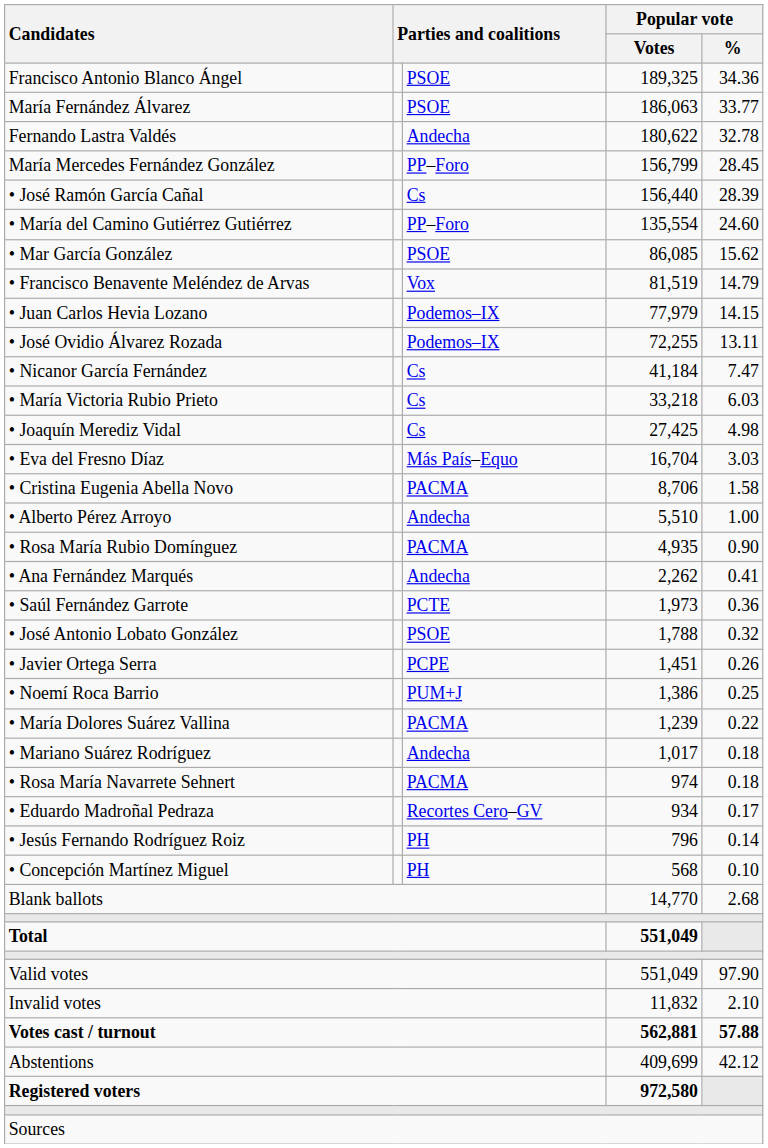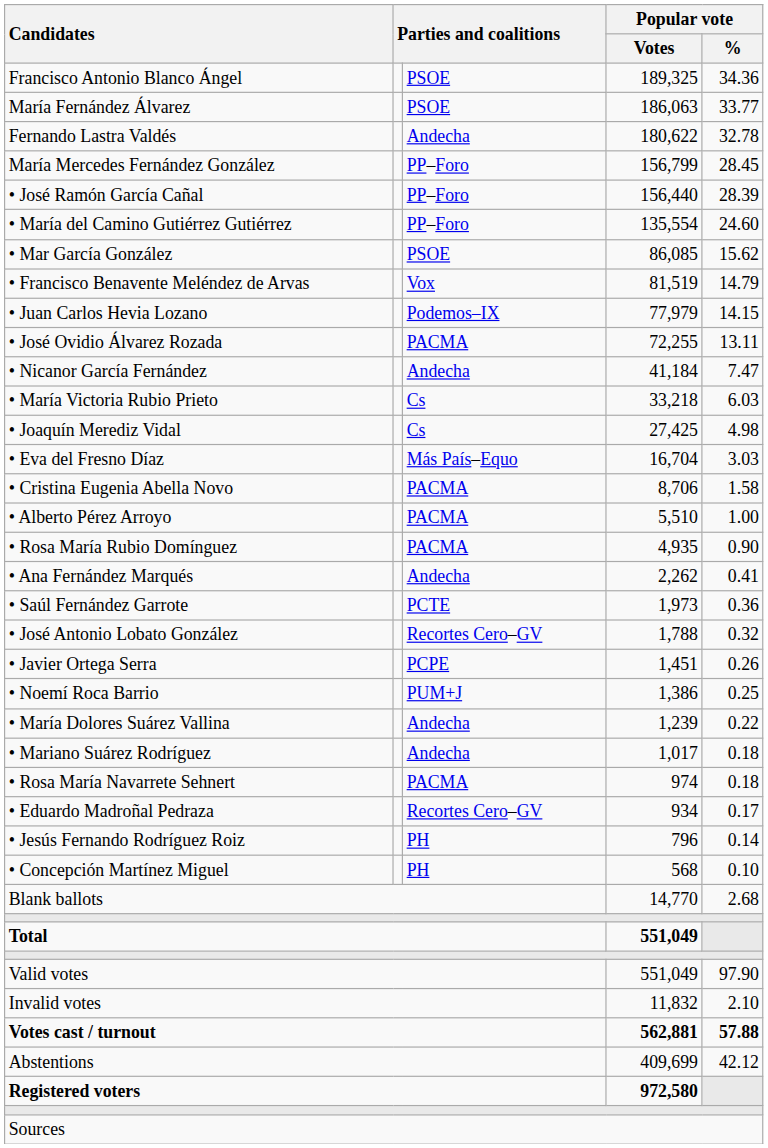 <table class="wikitable" style="text-align:right; font-size:95%;">
 <tr>
 <th style="text-align:left;" rowspan="2" width="325">Candidates</th>
 <th style="text-align:left;" rowspan="2" colspan="2" width="175">Parties and coalitions</th>
 <th colspan="2">Popular vote</th>
 </tr>
 <tr>
 <th width="75">Votes</th>
 <th width="45">%</th>
 </tr>
 <tr>
 <td align="left"> Francisco Antonio Blanco Ángel</td>
 <td width="1" style="color:inherit;background:"></td>
 <td align="left"><a href='#'>PSOE</a></td>
 <td>189,325</td>
 <td>34.36</td>
 </tr>
 <tr>
 <td align="left"> María Fernández Álvarez</td>
 <td style="color:inherit;background:"></td>
 <td align="left"><a href='#'>PSOE</a></td>
 <td>186,063</td>
 <td>33.77</td>
 </tr>
 <tr>
 <td align="left"> Fernando Lastra Valdés</td>
 <td style="color:inherit;background:"></td>
 <td align="left"><a href='#'>Andecha</a></td>
 <td>180,622</td>
 <td>32.78</td>
 </tr>
 <tr>
 <td align="left"> María Mercedes Fernández González</td>
 <td style="color:inherit;background:"></td>
 <td align="left"><a href='#'>PP</a>–<a href='#'>Foro</a></td>
 <td>156,799</td>
 <td>28.45</td>
 </tr>
 <tr>
 <td align="left">• José Ramón García Cañal</td>
 <td style="color:inherit;background:"></td>
-<td align="left"><a href='#'>Cs</a></td>
+<td align="left"><a href='#'>PP</a>–<a href='#'>Foro</a></td>
 <td>156,440</td>
 <td>28.39</td>
 </tr>
 <tr>
 <td align="left">• María del Camino Gutiérrez Gutiérrez</td>
 <td style="color:inherit;background:"></td>
 <td align="left"><a href='#'>PP</a>–<a href='#'>Foro</a></td>
 <td>135,554</td>
 <td>24.60</td>
 </tr>
 <tr>
 <td align="left">• Mar García González</td>
 <td style="color:inherit;background:"></td>
 <td align="left"><a href='#'>PSOE</a></td>
 <td>86,085</td>
 <td>15.62</td>
 </tr>
 <tr>
 <td align="left">• Francisco Benavente Meléndez de Arvas</td>
 <td style="color:inherit;background:"></td>
 <td align="left"><a href='#'>Vox</a></td>
 <td>81,519</td>
 <td>14.79</td>
 </tr>
 <tr>
 <td align="left">• Juan Carlos Hevia Lozano</td>
 <td style="color:inherit;background:"></td>
 <td align="left"><a href='#'>Podemos–IX</a></td>
 <td>77,979</td>
 <td>14.15</td>
 </tr>
 <tr>
 <td align="left">• José Ovidio Álvarez Rozada</td>
 <td style="color:inherit;background:"></td>
-<td align="left"><a href='#'>Podemos–IX</a></td>
+<td align="left"><a href='#'>PACMA</a></td>
 <td>72,255</td>
 <td>13.11</td>
 </tr>
 <tr>
 <td align="left">• Nicanor García Fernández</td>
 <td style="color:inherit;background:"></td>
-<td align="left"><a href='#'>Cs</a></td>
+<td align="left"><a href='#'>Andecha</a></td>
 <td>41,184</td>
 <td>7.47</td>
 </tr>
 <tr>
 <td align="left">• María Victoria Rubio Prieto</td>
 <td style="color:inherit;background:"></td>
 <td align="left"><a href='#'>Cs</a></td>
 <td>33,218</td>
 <td>6.03</td>
 </tr>
 <tr>
 <td align="left">• Joaquín Merediz Vidal</td>
 <td style="color:inherit;background:"></td>
 <td align="left"><a href='#'>Cs</a></td>
 <td>27,425</td>
 <td>4.98</td>
 </tr>
 <tr>
 <td align="left">• Eva del Fresno Díaz</td>
 <td style="color:inherit;background:"></td>
 <td align="left"><a href='#'>Más País</a>–<a href='#'>Equo</a></td>
 <td>16,704</td>
 <td>3.03</td>
 </tr>
 <tr>
 <td align="left">• Cristina Eugenia Abella Novo</td>
 <td style="color:inherit;background:"></td>
 <td align="left"><a href='#'>PACMA</a></td>
 <td>8,706</td>
 <td>1.58</td>
 </tr>
 <tr>
 <td align="left">• Alberto Pérez Arroyo</td>
 <td style="color:inherit;background:"></td>
-<td align="left"><a href='#'>Andecha</a></td>
+<td align="left"><a href='#'>PACMA</a></td>
 <td>5,510</td>
 <td>1.00</td>
 </tr>
 <tr>
 <td align="left">• Rosa María Rubio Domínguez</td>
 <td style="color:inherit;background:"></td>
 <td align="left"><a href='#'>PACMA</a></td>
 <td>4,935</td>
 <td>0.90</td>
 </tr>
 <tr>
 <td align="left">• Ana Fernández Marqués</td>
 <td style="color:inherit;background:"></td>
 <td align="left"><a href='#'>Andecha</a></td>
 <td>2,262</td>
 <td>0.41</td>
 </tr>
 <tr>
 <td align="left">• Saúl Fernández Garrote</td>
 <td style="color:inherit;background:"></td>
 <td align="left"><a href='#'>PCTE</a></td>
 <td>1,973</td>
 <td>0.36</td>
 </tr>
 <tr>
 <td align="left">• José Antonio Lobato González</td>
 <td style="color:inherit;background:"></td>
-<td align="left"><a href='#'>PSOE</a></td>
+<td align="left"><a href='#'>Recortes Cero</a>–<a href='#'>GV</a></td>
 <td>1,788</td>
 <td>0.32</td>
 </tr>
 <tr>
 <td align="left">• Javier Ortega Serra</td>
 <td style="color:inherit;background:"></td>
 <td align="left"><a href='#'>PCPE</a></td>
 <td>1,451</td>
 <td>0.26</td>
 </tr>
 <tr>
 <td align="left">• Noemí Roca Barrio</td>
 <td style="color:inherit;background:"></td>
 <td align="left"><a href='#'>PUM+J</a></td>
 <td>1,386</td>
 <td>0.25</td>
 </tr>
 <tr>
 <td align="left">• María Dolores Suárez Vallina</td>
 <td style="color:inherit;background:"></td>
-<td align="left"><a href='#'>PACMA</a></td>
+<td align="left"><a href='#'>Andecha</a></td>
 <td>1,239</td>
 <td>0.22</td>
 </tr>
 <tr>
 <td align="left">• Mariano Suárez Rodríguez</td>
 <td style="color:inherit;background:"></td>
 <td align="left"><a href='#'>Andecha</a></td>
 <td>1,017</td>
 <td>0.18</td>
 </tr>
 <tr>
 <td align="left">• Rosa María Navarrete Sehnert</td>
 <td style="color:inherit;background:"></td>
 <td align="left"><a href='#'>PACMA</a></td>
 <td>974</td>
 <td>0.18</td>
 </tr>
 <tr>
 <td align="left">• Eduardo Madroñal Pedraza</td>
 <td style="color:inherit;background:"></td>
 <td align="left"><a href='#'>Recortes Cero</a>–<a href='#'>GV</a></td>
 <td>934</td>
 <td>0.17</td>
 </tr>
 <tr>
 <td align="left">• Jesús Fernando Rodríguez Roiz</td>
 <td style="color:inherit;background:"></td>
 <td align="left"><a href='#'>PH</a></td>
 <td>796</td>
 <td>0.14</td>
 </tr>
 <tr>
 <td align="left">• Concepción Martínez Miguel</td>
 <td style="color:inherit;background:"></td>
 <td align="left"><a href='#'>PH</a></td>
 <td>568</td>
 <td>0.10</td>
 </tr>
 <tr>
 <td align="left" colspan="3">Blank ballots</td>
 <td>14,770</td>
 <td>2.68</td>
 </tr>
 <tr>
 <td colspan="5" bgcolor="#E9E9E9"></td>
 </tr>
 <tr style="font-weight:bold;">
 <td align="left" colspan="3">Total</td>
 <td>551,049</td>
 <td bgcolor="#E9E9E9"></td>
 </tr>
 <tr>
 <td colspan="5" bgcolor="#E9E9E9"></td>
 </tr>
 <tr>
 <td align="left" colspan="3">Valid votes</td>
 <td>551,049</td>
 <td>97.90</td>
 </tr>
 <tr>
 <td align="left" colspan="3">Invalid votes</td>
 <td>11,832</td>
 <td>2.10</td>
 </tr>
 <tr style="font-weight:bold;">
 <td align="left" colspan="3">Votes cast / turnout</td>
 <td>562,881</td>
 <td>57.88</td>
 </tr>
 <tr>
 <td align="left" colspan="3">Abstentions</td>
 <td>409,699</td>
 <td>42.12</td>
 </tr>
 <tr style="font-weight:bold;">
 <td align="left" colspan="3">Registered voters</td>
 <td>972,580</td>
 <td bgcolor="#E9E9E9"></td>
 </tr>
 <tr>
 <td colspan="5" bgcolor="#E9E9E9"></td>
 </tr>
 <tr>
 <td align="left" colspan="5">Sources</td>
 </tr>
 </table>
